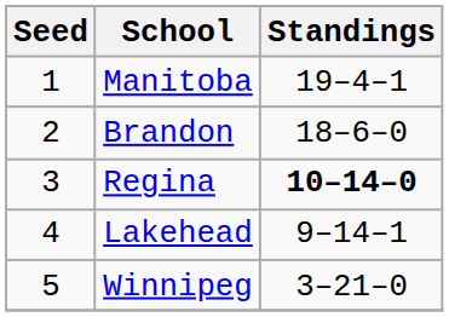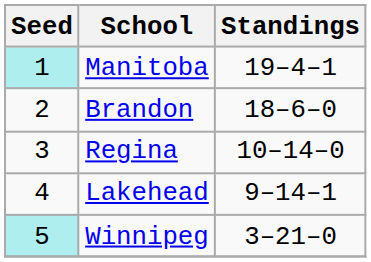 <table class="wikitable">
 <tr>
 <th>Seed</th>
 <th>School</th>
 <th>Standings</th>
 </tr>
 <tr>
-<td align=center>1</td>
+<td align=center style="background: paleturquoise;">1</td>
 <td><a href='#'>Manitoba</a></td>
 <td align=center>19–4–1</td>
 </tr>
 <tr>
 <td align=center>2</td>
 <td><a href='#'>Brandon</a></td>
 <td align=center>18–6–0</td>
 </tr>
 <tr>
 <td align=center>3</td>
 <td><a href='#'>Regina</a></td>
-<td align=center><strong>10–14–0</strong></td>
+<td align=center>10–14–0</td>
 </tr>
 <tr>
 <td align=center>4</td>
 <td><a href='#'>Lakehead</a></td>
 <td align=center>9–14–1</td>
 </tr>
 <tr>
-<td align=center>5</td>
+<td align=center style="background: paleturquoise;">5</td>
 <td><a href='#'>Winnipeg</a></td>
 <td align=center>3–21–0</td>
 </tr>
 <tr>
 </tr>
 </table>
